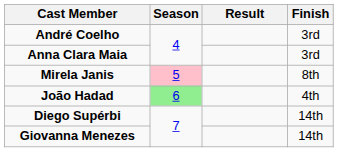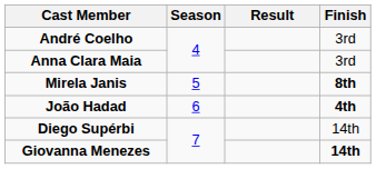 <table class="wikitable sortable" style="text-align: center">
 <tr>
 <th width=175>Cast Member</th>
 <th width=050>Season</th>
 <th width=100>Result</th>
 <th width=050>Finish</th>
 </tr>
 <tr>
 <td><strong>André Coelho</strong><br></td>
 <td rowspan="2"><a href='#'>4</a></td>
 <td></td>
 <td>3rd</td>
 </tr>
 <tr>
 <td><strong>Anna Clara Maia</strong><br></td>
 <td></td>
 <td>3rd</td>
 </tr>
 <tr>
 <td><strong>Mirela Janis</strong><br></td>
-<td style="background: pink;"><a href='#'>5</a></td>
+<td><a href='#'>5</a></td>
 <td></td>
-<td>8th</td>
+<td><strong>8th</strong></td>
 </tr>
 <tr>
 <td><strong>João Hadad</strong><br></td>
-<td style="background: lightgreen;"><a href='#'>6</a></td>
+<td><a href='#'>6</a></td>
 <td></td>
-<td>4th</td>
+<td><strong>4th</strong></td>
 </tr>
 <tr>
 <td><strong>Diego Supérbi</strong><br></td>
 <td rowspan="2"><a href='#'>7</a></td>
 <td></td>
 <td>14th</td>
 </tr>
 <tr>
 <td><strong>Giovanna Menezes</strong><br></td>
 <td></td>
-<td>14th</td>
+<td><strong>14th</strong></td>
 </tr>
 </table>
